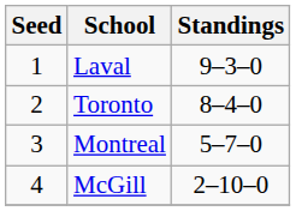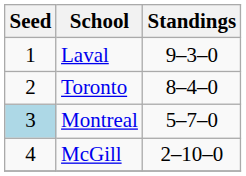 <table class="wikitable">
 <tr>
 <th>Seed</th>
 <th>School</th>
 <th>Standings</th>
 </tr>
 <tr>
 <td align=center>1</td>
 <td><a href='#'>Laval</a></td>
 <td align=center>9–3–0</td>
 </tr>
 <tr>
 <td align=center>2</td>
 <td><a href='#'>Toronto</a></td>
 <td align=center>8–4–0</td>
 </tr>
 <tr>
-<td align=center>3</td>
+<td align=center style="background: lightblue;">3</td>
 <td><a href='#'>Montreal</a></td>
 <td align=center>5–7–0</td>
 </tr>
 <tr>
 <td align=center>4</td>
 <td><a href='#'>McGill</a></td>
 <td align=center>2–10–0</td>
 </tr>
 <tr>
 </tr>
 </table>
